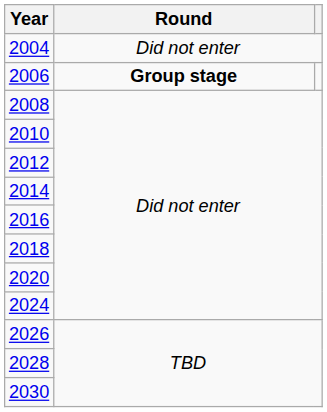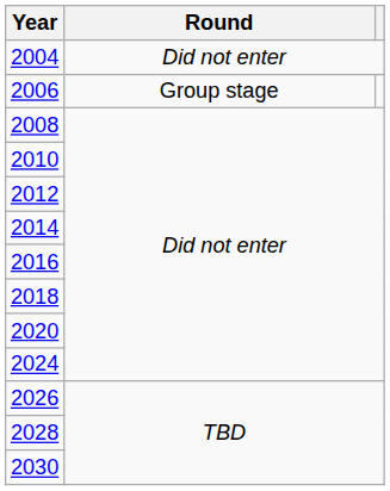 <table class="wikitable" style="text-align: center; font-size:90%">
 <tr>
 <th>Year</th>
 <th style="width:200px">Round</th>
 <th></th>
 </tr>
 <tr>
 <td><a href='#'>2004</a></td>
 <td colspan="2"><em>Did not enter</em></td>
 </tr>
 <tr>
 <td><a href='#'>2006</a></td>
-<td><strong>Group stage</strong></td>
+<td>Group stage</td>
 <td></td>
 </tr>
 <tr>
 <td><a href='#'>2008</a></td>
 <td colspan="2" rowspan="8"><em>Did not enter</em></td>
 </tr>
 <tr>
 <td><a href='#'>2010</a></td>
 </tr>
 <tr>
 <td><a href='#'>2012</a></td>
 </tr>
 <tr>
 <td><a href='#'>2014</a></td>
 </tr>
 <tr>
 <td><a href='#'>2016</a></td>
 </tr>
 <tr>
 <td><a href='#'>2018</a></td>
 </tr>
 <tr>
 <td><a href='#'>2020</a></td>
 </tr>
 <tr>
 <td><a href='#'>2024</a></td>
 </tr>
 <tr>
 <td><a href='#'>2026</a></td>
 <td colspan="2" rowspan="3"><em>TBD</em></td>
 </tr>
 <tr>
 <td><a href='#'>2028</a></td>
 </tr>
 <tr>
 <td><a href='#'>2030</a></td>
 </tr>
 </table>
